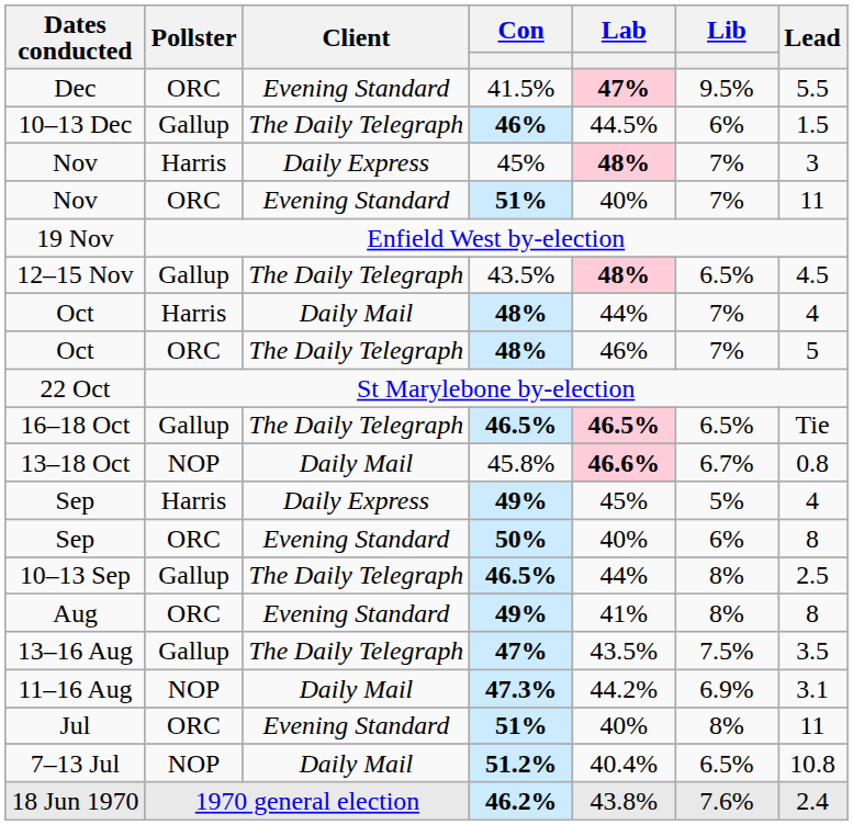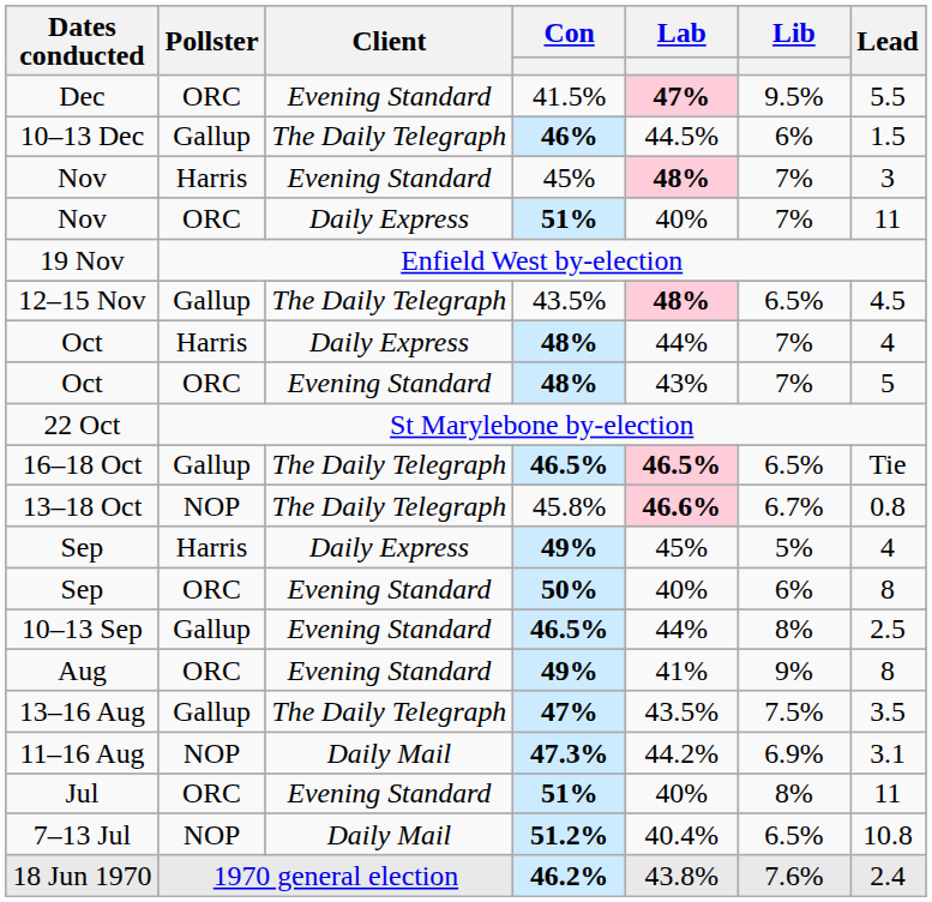 <table class="wikitable sortable mw-datatable" style="text-align:center;font-size:90%;line-height:14px;">
 <tr>
 <th rowspan="2">Dates<br>conducted</th>
 <th rowspan="2">Pollster</th>
 <th rowspan="2">Client</th>
 <th class="unsortable" style="width:50px;"><a href='#'>Con</a></th>
 <th class="unsortable" style="width:50px;"><a href='#'>Lab</a></th>
 <th class="unsortable" style="width:50px;"><a href='#'>Lib</a></th>
 <th rowspan="2">Lead</th>
 </tr>
 <tr>
 <th style="background:"></th>
 <th style="background:"></th>
 <th style="background:"></th>
 </tr>
 <tr>
 <td>Dec</td>
 <td>ORC</td>
 <td><em>Evening Standard</em></td>
 <td>41.5%</td>
 <td style="background:#FFCCDA;"><strong>47%</strong></td>
 <td>9.5%</td>
 <td style="background:">5.5</td>
 </tr>
 <tr>
 <td>10–13 Dec</td>
 <td>Gallup</td>
 <td><em>The Daily Telegraph</em></td>
 <td style="background:#CCEBFF;"><strong>46%</strong></td>
 <td>44.5%</td>
 <td>6%</td>
 <td style="background:">1.5</td>
 </tr>
 <tr>
 <td>Nov</td>
 <td>Harris</td>
-<td><em>Daily Express</em></td>
+<td><em>Evening Standard</em></td>
 <td>45%</td>
 <td style="background:#FFCCDA;"><strong>48%</strong></td>
 <td>7%</td>
 <td style="background:">3</td>
 </tr>
 <tr>
 <td>Nov</td>
 <td>ORC</td>
-<td><em>Evening Standard</em></td>
+<td><em>Daily Express</em></td>
 <td style="background:#CCEBFF;"><strong>51%</strong></td>
 <td>40%</td>
 <td>7%</td>
 <td style="background:">11</td>
 </tr>
 <tr>
 <td>19 Nov</td>
 <td colspan="6"><a href='#'>Enfield West by-election</a></td>
 </tr>
 <tr>
 <td>12–15 Nov</td>
 <td>Gallup</td>
 <td><em>The Daily Telegraph</em></td>
 <td>43.5%</td>
 <td style="background:#FFCCDA;"><strong>48%</strong></td>
 <td>6.5%</td>
 <td style="background:">4.5</td>
 </tr>
 <tr>
 <td>Oct</td>
 <td>Harris</td>
-<td><em>Daily Mail</em></td>
+<td><em>Daily Express</em></td>
 <td style="background:#CCEBFF;"><strong>48%</strong></td>
 <td>44%</td>
 <td>7%</td>
 <td style="background:">4</td>
 </tr>
 <tr>
 <td>Oct</td>
 <td>ORC</td>
-<td><em>The Daily Telegraph</em></td>
+<td><em>Evening Standard</em></td>
 <td style="background:#CCEBFF;"><strong>48%</strong></td>
-<td>46%</td>
+<td>43%</td>
 <td>7%</td>
 <td style="background:">5</td>
 </tr>
 <tr>
 <td>22 Oct</td>
 <td colspan="6"><a href='#'>St Marylebone by-election</a></td>
 </tr>
 <tr>
 <td>16–18 Oct</td>
 <td>Gallup</td>
 <td><em>The Daily Telegraph</em></td>
 <td style="background:#CCEBFF;"><strong>46.5%</strong></td>
 <td style="background:#FFCCDA;"><strong>46.5%</strong></td>
 <td>6.5%</td>
 <td data-sort-value="0">Tie</td>
 </tr>
 <tr>
 <td>13–18 Oct</td>
 <td>NOP</td>
-<td><em>Daily Mail</em></td>
+<td><em>The Daily Telegraph</em></td>
 <td>45.8%</td>
 <td style="background:#FFCCDA;"><strong>46.6%</strong></td>
 <td>6.7%</td>
 <td style="background:">0.8</td>
 </tr>
 <tr>
 <td>Sep</td>
 <td>Harris</td>
 <td><em>Daily Express</em></td>
 <td style="background:#CCEBFF;"><strong>49%</strong></td>
 <td>45%</td>
 <td>5%</td>
 <td style="background:">4</td>
 </tr>
 <tr>
 <td>Sep</td>
 <td>ORC</td>
 <td><em>Evening Standard</em></td>
 <td style="background:#CCEBFF;"><strong>50%</strong></td>
 <td>40%</td>
 <td>6%</td>
 <td style="background:">8</td>
 </tr>
 <tr>
 <td>10–13 Sep</td>
 <td>Gallup</td>
-<td><em>The Daily Telegraph</em></td>
+<td><em>Evening Standard</em></td>
 <td style="background:#CCEBFF;"><strong>46.5%</strong></td>
 <td>44%</td>
 <td>8%</td>
 <td style="background:">2.5</td>
 </tr>
 <tr>
 <td>Aug</td>
 <td>ORC</td>
 <td><em>Evening Standard</em></td>
 <td style="background:#CCEBFF;"><strong>49%</strong></td>
 <td>41%</td>
-<td>8%</td>
+<td>9%</td>
 <td style="background:">8</td>
 </tr>
 <tr>
 <td>13–16 Aug</td>
 <td>Gallup</td>
 <td><em>The Daily Telegraph</em></td>
 <td style="background:#CCEBFF;"><strong>47%</strong></td>
 <td>43.5%</td>
 <td>7.5%</td>
 <td style="background:">3.5</td>
 </tr>
 <tr>
 <td>11–16 Aug</td>
 <td>NOP</td>
 <td><em>Daily Mail</em></td>
 <td style="background:#CCEBFF;"><strong>47.3%</strong></td>
 <td>44.2%</td>
 <td>6.9%</td>
 <td style="background:">3.1</td>
 </tr>
 <tr>
 <td>Jul</td>
 <td>ORC</td>
 <td><em>Evening Standard</em></td>
 <td style="background:#CCEBFF;"><strong>51%</strong></td>
 <td>40%</td>
 <td>8%</td>
 <td style="background:">11</td>
 </tr>
 <tr>
 <td>7–13 Jul</td>
 <td>NOP</td>
 <td><em>Daily Mail</em></td>
 <td style="background:#CCEBFF;"><strong>51.2%</strong></td>
 <td>40.4%</td>
 <td>6.5%</td>
 <td style="background:">10.8</td>
 </tr>
 <tr style="background:#e9e9e9;">
 <td>18 Jun 1970</td>
 <td colspan="2"><a href='#'>1970 general election</a></td>
 <td style="background:#CCEBFF;"><strong>46.2%</strong></td>
 <td>43.8%</td>
 <td>7.6%</td>
 <td style="background:">2.4</td>
 </tr>
 </table>
